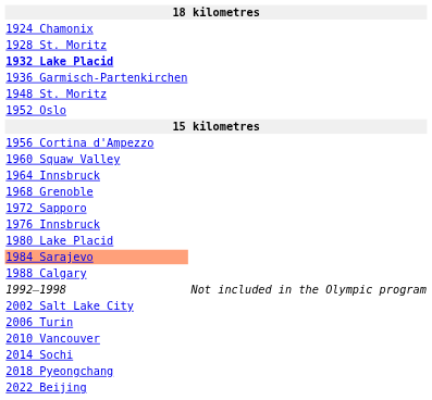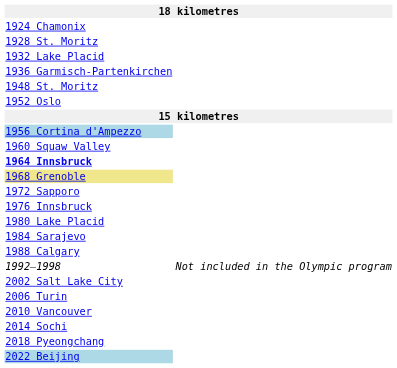 <table>
 <tr>
 <td colspan=4 align=center bgcolor=F0F0F0><strong>18 kilometres</strong></td>
 </tr>
 <tr>
 <td><a href='#'>1924 Chamonix</a><br></td>
 <td></td>
 <td></td>
 <td></td>
 </tr>
 <tr>
 <td><a href='#'>1928 St. Moritz</a><br></td>
 <td></td>
 <td></td>
 <td></td>
 </tr>
 <tr>
-<td><strong><a href='#'>1932 Lake Placid</a><br></strong></td>
+<td><a href='#'>1932 Lake Placid</a><br></td>
 <td></td>
 <td></td>
 <td></td>
 </tr>
 <tr>
 <td><a href='#'>1936 Garmisch-Partenkirchen</a><br></td>
 <td></td>
 <td></td>
 <td></td>
 </tr>
 <tr>
 <td><a href='#'>1948 St. Moritz</a><br></td>
 <td></td>
 <td></td>
 <td></td>
 </tr>
 <tr>
 <td><a href='#'>1952 Oslo</a><br></td>
 <td></td>
 <td></td>
 <td></td>
 </tr>
 <tr>
 <td colspan=4 align=center bgcolor=F0F0F0><strong>15 kilometres</strong></td>
 </tr>
 <tr>
-<td><a href='#'>1956 Cortina d'Ampezzo</a><br></td>
+<td style="background: lightblue;"><a href='#'>1956 Cortina d'Ampezzo</a><br></td>
 <td></td>
 <td></td>
 <td></td>
 </tr>
 <tr>
 <td><a href='#'>1960 Squaw Valley</a><br></td>
 <td></td>
 <td></td>
 <td></td>
 </tr>
 <tr>
-<td><a href='#'>1964 Innsbruck</a><br></td>
+<td><strong><a href='#'>1964 Innsbruck</a><br></strong></td>
 <td></td>
 <td></td>
 <td></td>
 </tr>
 <tr>
-<td><a href='#'>1968 Grenoble</a><br></td>
+<td style="background: khaki;"><a href='#'>1968 Grenoble</a><br></td>
 <td></td>
 <td></td>
 <td></td>
 </tr>
 <tr>
 <td><a href='#'>1972 Sapporo</a><br></td>
 <td></td>
 <td></td>
 <td></td>
 </tr>
 <tr>
 <td><a href='#'>1976 Innsbruck</a><br></td>
 <td></td>
 <td></td>
 <td></td>
 </tr>
 <tr>
 <td><a href='#'>1980 Lake Placid</a><br></td>
 <td></td>
 <td></td>
 <td></td>
 </tr>
 <tr>
-<td style="background: lightsalmon;"><a href='#'>1984 Sarajevo</a><br></td>
+<td><a href='#'>1984 Sarajevo</a><br></td>
 <td></td>
 <td></td>
 <td></td>
 </tr>
 <tr>
 <td><a href='#'>1988 Calgary</a><br></td>
 <td></td>
 <td></td>
 <td></td>
 </tr>
 <tr>
 <td><em>1992–1998</em></td>
 <td colspan=3 align=center><em>Not included in the Olympic program</em></td>
 </tr>
 <tr>
 <td><a href='#'>2002 Salt Lake City</a><br></td>
 <td></td>
 <td></td>
 <td></td>
 </tr>
 <tr>
 <td><a href='#'>2006 Turin</a><br></td>
 <td></td>
 <td></td>
 <td></td>
 </tr>
 <tr>
 <td><a href='#'>2010 Vancouver</a><br></td>
 <td></td>
 <td></td>
 <td></td>
 </tr>
 <tr>
 <td><a href='#'>2014 Sochi</a><br></td>
 <td></td>
 <td></td>
 <td></td>
 </tr>
 <tr valign="top">
 <td><a href='#'>2018 Pyeongchang</a><br></td>
 <td></td>
 <td></td>
 <td></td>
 </tr>
 <tr>
-<td><a href='#'>2022 Beijing</a> <br></td>
+<td style="background: lightblue;"><a href='#'>2022 Beijing</a> <br></td>
 <td></td>
 <td></td>
 <td></td>
 </tr>
 <tr>
 </tr>
 </table>
